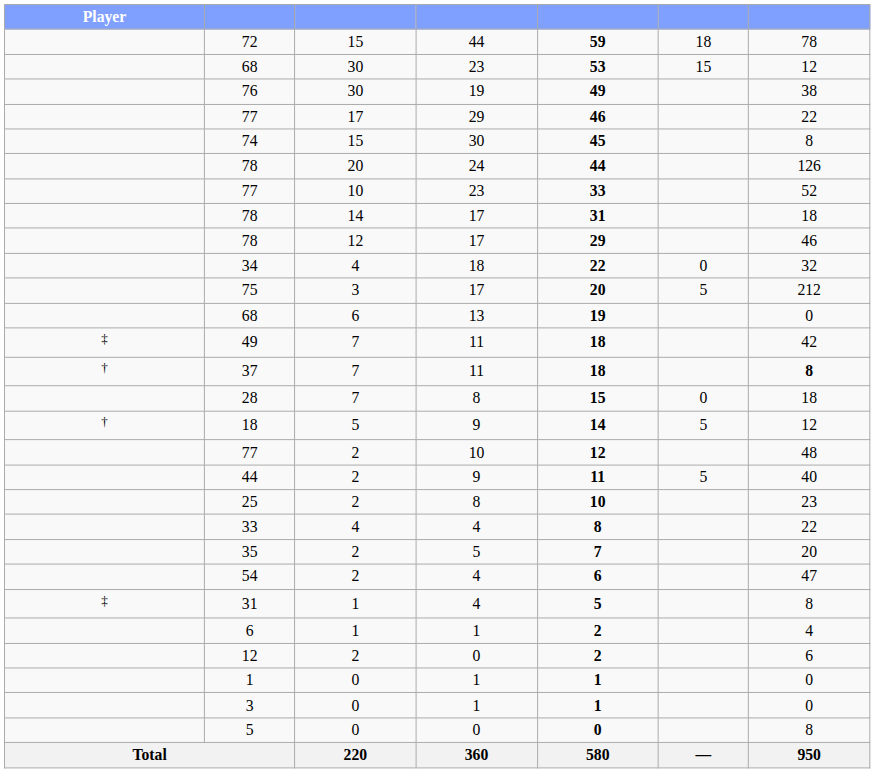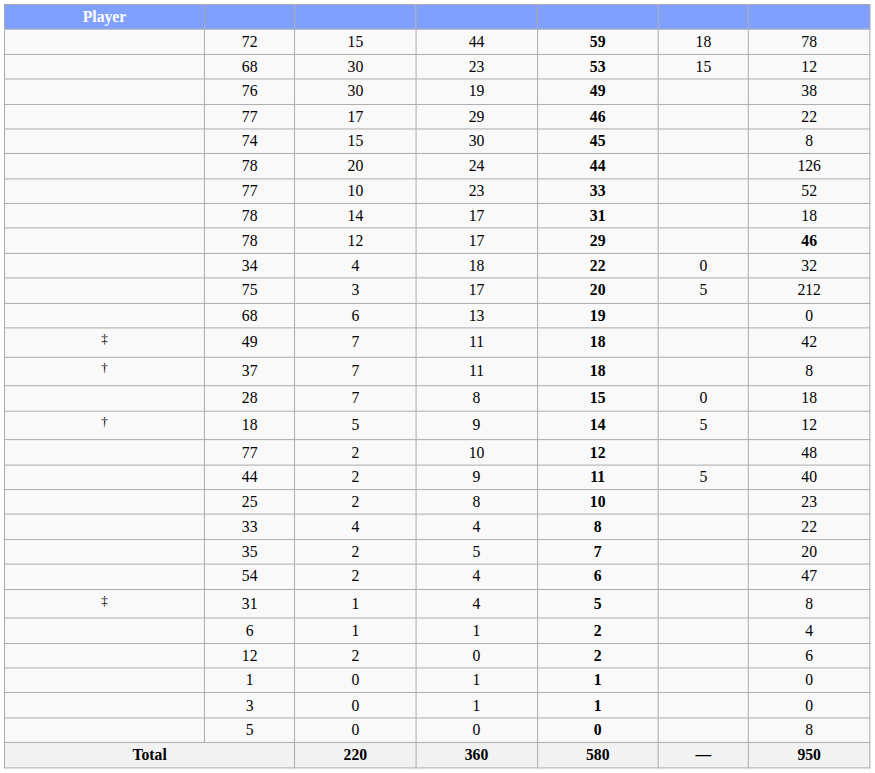 <table class="wikitable sortable" style="width:100%; text-align:center;">
 <tr align=center>
 <th style="color:white; background:#80A0FF; ">Player</th>
 <th style="color:white; background:#80A0FF; "></th>
 <th style="color:white; background:#80A0FF; "></th>
 <th style="color:white; background:#80A0FF; "></th>
 <th style="color:white; background:#80A0FF; "></th>
 <th style="color:white; background:#80A0FF; "></th>
 <th style="color:white; background:#80A0FF; "></th>
 </tr>
 <tr>
 <td></td>
 <td>72</td>
 <td>15</td>
 <td>44</td>
 <td><strong>59</strong></td>
 <td>18</td>
 <td>78</td>
 </tr>
 <tr>
 <td></td>
 <td>68</td>
 <td>30</td>
 <td>23</td>
 <td><strong>53</strong></td>
 <td>15</td>
 <td>12</td>
 </tr>
 <tr>
 <td></td>
 <td>76</td>
 <td>30</td>
 <td>19</td>
 <td><strong>49</strong></td>
 <td></td>
 <td>38</td>
 </tr>
 <tr>
 <td></td>
 <td>77</td>
 <td>17</td>
 <td>29</td>
 <td><strong>46</strong></td>
 <td></td>
 <td>22</td>
 </tr>
 <tr>
 <td></td>
 <td>74</td>
 <td>15</td>
 <td>30</td>
 <td><strong>45</strong></td>
 <td></td>
 <td>8</td>
 </tr>
 <tr>
 <td></td>
 <td>78</td>
 <td>20</td>
 <td>24</td>
 <td><strong>44</strong></td>
 <td></td>
 <td>126</td>
 </tr>
 <tr>
 <td></td>
 <td>77</td>
 <td>10</td>
 <td>23</td>
 <td><strong>33</strong></td>
 <td></td>
 <td>52</td>
 </tr>
 <tr>
 <td></td>
 <td>78</td>
 <td>14</td>
 <td>17</td>
 <td><strong>31</strong></td>
 <td></td>
 <td>18</td>
 </tr>
 <tr>
 <td></td>
 <td>78</td>
 <td>12</td>
 <td>17</td>
 <td><strong>29</strong></td>
 <td></td>
-<td>46</td>
+<td><strong>46</strong></td>
 </tr>
 <tr>
 <td></td>
 <td>34</td>
 <td>4</td>
 <td>18</td>
 <td><strong>22</strong></td>
 <td>0</td>
 <td>32</td>
 </tr>
 <tr>
 <td></td>
 <td>75</td>
 <td>3</td>
 <td>17</td>
 <td><strong>20</strong></td>
 <td>5</td>
 <td>212</td>
 </tr>
 <tr>
 <td></td>
 <td>68</td>
 <td>6</td>
 <td>13</td>
 <td><strong>19</strong></td>
 <td></td>
 <td>0</td>
 </tr>
 <tr>
 <td><sup>‡</sup></td>
 <td>49</td>
 <td>7</td>
 <td>11</td>
 <td><strong>18</strong></td>
 <td></td>
 <td>42</td>
 </tr>
 <tr>
 <td><sup>†</sup></td>
 <td>37</td>
 <td>7</td>
 <td>11</td>
 <td><strong>18</strong></td>
 <td></td>
-<td><strong>8</strong></td>
+<td>8</td>
 </tr>
 <tr>
 <td></td>
 <td>28</td>
 <td>7</td>
 <td>8</td>
 <td><strong>15</strong></td>
 <td>0</td>
 <td>18</td>
 </tr>
 <tr>
 <td><sup>†</sup></td>
 <td>18</td>
 <td>5</td>
 <td>9</td>
 <td><strong>14</strong></td>
 <td>5</td>
 <td>12</td>
 </tr>
 <tr>
 <td></td>
 <td>77</td>
 <td>2</td>
 <td>10</td>
 <td><strong>12</strong></td>
 <td></td>
 <td>48</td>
 </tr>
 <tr>
 <td></td>
 <td>44</td>
 <td>2</td>
 <td>9</td>
 <td><strong>11</strong></td>
 <td>5</td>
 <td>40</td>
 </tr>
 <tr>
 <td></td>
 <td>25</td>
 <td>2</td>
 <td>8</td>
 <td><strong>10</strong></td>
 <td></td>
 <td>23</td>
 </tr>
 <tr>
 <td></td>
 <td>33</td>
 <td>4</td>
 <td>4</td>
 <td><strong>8</strong></td>
 <td></td>
 <td>22</td>
 </tr>
 <tr>
 <td></td>
 <td>35</td>
 <td>2</td>
 <td>5</td>
 <td><strong>7</strong></td>
 <td></td>
 <td>20</td>
 </tr>
 <tr>
 <td></td>
 <td>54</td>
 <td>2</td>
 <td>4</td>
 <td><strong>6</strong></td>
 <td></td>
 <td>47</td>
 </tr>
 <tr>
 <td><sup>‡</sup></td>
 <td>31</td>
 <td>1</td>
 <td>4</td>
 <td><strong>5</strong></td>
 <td></td>
 <td>8</td>
 </tr>
 <tr>
 <td></td>
 <td>6</td>
 <td>1</td>
 <td>1</td>
 <td><strong>2</strong></td>
 <td></td>
 <td>4</td>
 </tr>
 <tr>
 <td></td>
 <td>12</td>
 <td>2</td>
 <td>0</td>
 <td><strong>2</strong></td>
 <td></td>
 <td>6</td>
 </tr>
 <tr>
 <td></td>
 <td>1</td>
 <td>0</td>
 <td>1</td>
 <td><strong>1</strong></td>
 <td></td>
 <td>0</td>
 </tr>
 <tr>
 <td></td>
 <td>3</td>
 <td>0</td>
 <td>1</td>
 <td><strong>1</strong></td>
 <td></td>
 <td>0</td>
 </tr>
 <tr>
 <td></td>
 <td>5</td>
 <td>0</td>
 <td>0</td>
 <td><strong>0</strong></td>
 <td></td>
 <td>8</td>
 </tr>
 <tr class="sortbottom">
 <th colspan=2>Total</th>
 <th>220</th>
 <th>360</th>
 <th>580</th>
 <th>—</th>
 <th>950</th>
 </tr>
 </table>
